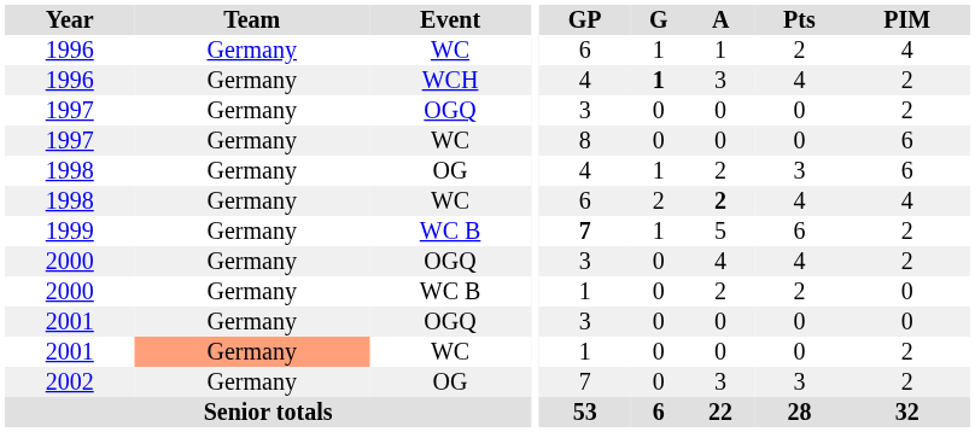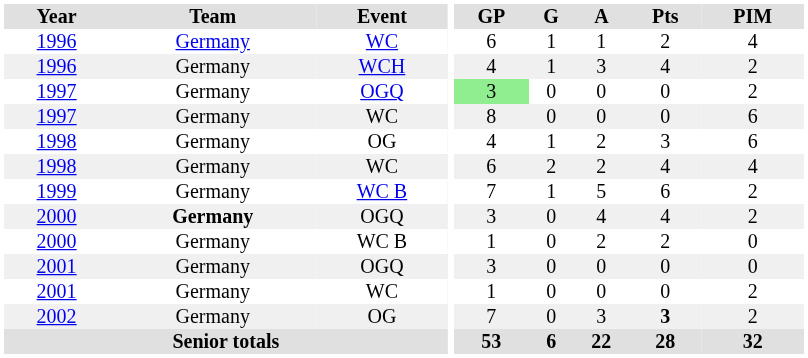 <table border="0" cellpadding="1" cellspacing="0" ID="Table3" style="text-align:center; width:40em">
 <tr ALIGN="center" bgcolor="#e0e0e0">
 <th>Year</th>
 <th>Team</th>
 <th>Event</th>
 <th rowspan="99" bgcolor="#ffffff"></th>
 <th>GP</th>
 <th>G</th>
 <th>A</th>
 <th>Pts</th>
 <th>PIM</th>
 </tr>
 <tr>
 <td><a href='#'>1996</a></td>
 <td><a href='#'>Germany</a></td>
 <td><a href='#'>WC</a></td>
 <td>6</td>
 <td>1</td>
 <td>1</td>
 <td>2</td>
 <td>4</td>
 </tr>
 <tr bgcolor="#f0f0f0">
 <td><a href='#'>1996</a></td>
 <td>Germany</td>
 <td><a href='#'>WCH</a></td>
 <td>4</td>
-<td><strong>1</strong></td>
+<td>1</td>
 <td>3</td>
 <td>4</td>
 <td>2</td>
 </tr>
 <tr>
 <td><a href='#'>1997</a></td>
 <td>Germany</td>
 <td><a href='#'>OGQ</a></td>
-<td>3</td>
+<td style="background: lightgreen;">3</td>
 <td>0</td>
 <td>0</td>
 <td>0</td>
 <td>2</td>
 </tr>
 <tr bgcolor="#f0f0f0">
 <td><a href='#'>1997</a></td>
 <td>Germany</td>
 <td>WC</td>
 <td>8</td>
 <td>0</td>
 <td>0</td>
 <td>0</td>
 <td>6</td>
 </tr>
 <tr>
 <td><a href='#'>1998</a></td>
 <td>Germany</td>
 <td>OG</td>
 <td>4</td>
 <td>1</td>
 <td>2</td>
 <td>3</td>
 <td>6</td>
 </tr>
 <tr bgcolor="#f0f0f0">
 <td><a href='#'>1998</a></td>
 <td>Germany</td>
 <td>WC</td>
 <td>6</td>
 <td>2</td>
-<td><strong>2</strong></td>
+<td>2</td>
 <td>4</td>
 <td>4</td>
 </tr>
 <tr>
 <td><a href='#'>1999</a></td>
 <td>Germany</td>
 <td><a href='#'>WC B</a></td>
-<td><strong>7</strong></td>
+<td>7</td>
 <td>1</td>
 <td>5</td>
 <td>6</td>
 <td>2</td>
 </tr>
 <tr bgcolor="#f0f0f0">
 <td><a href='#'>2000</a></td>
-<td>Germany</td>
+<td><strong>Germany</strong></td>
 <td>OGQ</td>
 <td>3</td>
 <td>0</td>
 <td>4</td>
 <td>4</td>
 <td>2</td>
 </tr>
 <tr>
 <td><a href='#'>2000</a></td>
 <td>Germany</td>
 <td>WC B</td>
 <td>1</td>
 <td>0</td>
 <td>2</td>
 <td>2</td>
 <td>0</td>
 </tr>
 <tr bgcolor="#f0f0f0">
 <td><a href='#'>2001</a></td>
 <td>Germany</td>
 <td>OGQ</td>
 <td>3</td>
 <td>0</td>
 <td>0</td>
 <td>0</td>
 <td>0</td>
 </tr>
 <tr>
 <td><a href='#'>2001</a></td>
-<td style="background: lightsalmon;">Germany</td>
+<td>Germany</td>
 <td>WC</td>
 <td>1</td>
 <td>0</td>
 <td>0</td>
 <td>0</td>
 <td>2</td>
 </tr>
 <tr bgcolor="#f0f0f0">
 <td><a href='#'>2002</a></td>
 <td>Germany</td>
 <td>OG</td>
 <td>7</td>
 <td>0</td>
 <td>3</td>
-<td>3</td>
+<td><strong>3</strong></td>
 <td>2</td>
 </tr>
 <tr bgcolor="#e0e0e0">
 <th colspan="3">Senior totals</th>
 <th>53</th>
 <th>6</th>
 <th>22</th>
 <th>28</th>
 <th>32</th>
 </tr>
 </table>
